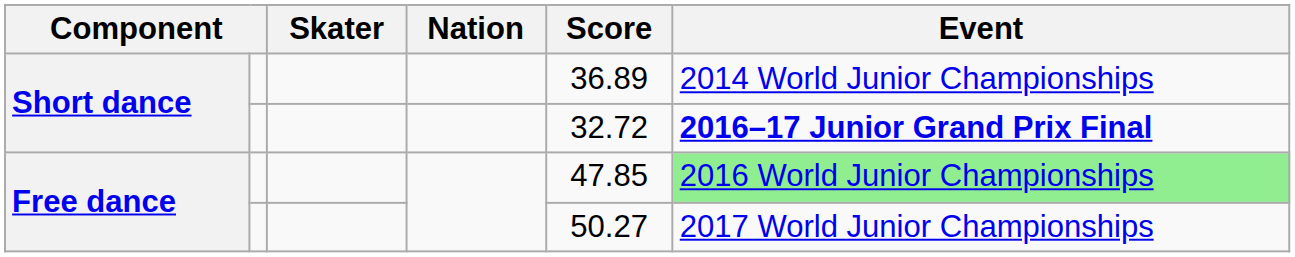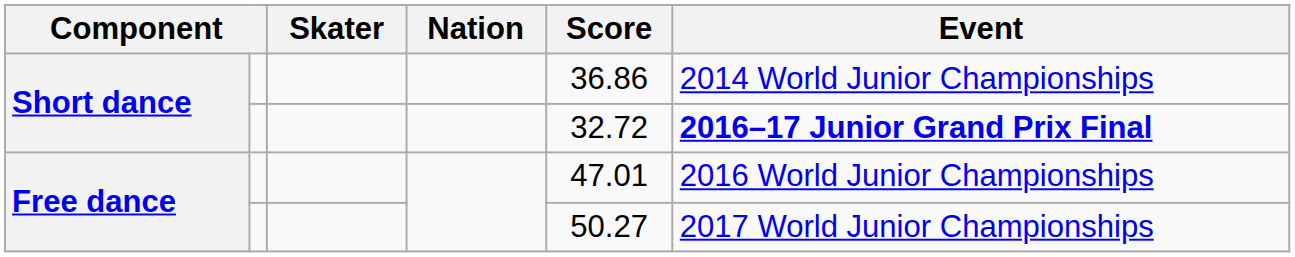 <table class="wikitable unsortable" style="text-align:left; width:75%">
 <tr>
 <th colspan="2" scope="col">Component</th>
 <th scope="col">Skater</th>
 <th scope="col">Nation</th>
 <th scope="col">Score</th>
 <th scope="col">Event</th>
 </tr>
 <tr>
 <th rowspan="2" scope="row" style="text-align:left"><a href='#'>Short dance</a></th>
 <td></td>
 <td></td>
 <td></td>
-<td style="text-align:center">36.89</td>
+<td style="text-align:center">36.86</td>
 <td><a href='#'>2014 World Junior Championships</a></td>
 </tr>
 <tr>
 <td></td>
 <td></td>
 <td></td>
 <td style="text-align:center">32.72</td>
 <td><strong><a href='#'>2016–17 Junior Grand Prix Final</a></strong></td>
 </tr>
 <tr>
 <th rowspan="2" scope="row" style="text-align:left"><a href='#'>Free dance</a></th>
 <td></td>
 <td></td>
 <td rowspan="2"></td>
-<td style="text-align:center">47.85</td>
-<td style="background: lightgreen;"><a href='#'>2016 World Junior Championships</a></td>
+<td style="text-align:center">47.01</td>
+<td><a href='#'>2016 World Junior Championships</a></td>
 </tr>
 <tr>
 <td></td>
 <td></td>
 <td style="text-align:center">50.27</td>
 <td><a href='#'>2017 World Junior Championships</a></td>
 </tr>
 </table>
